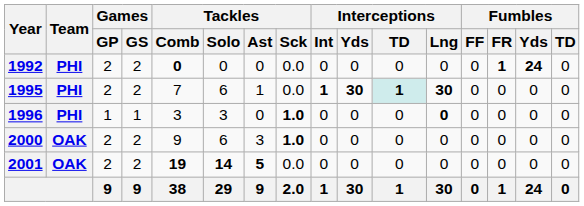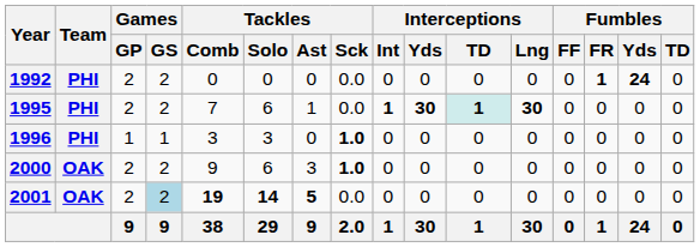 <table class="wikitable" style="text-align:center">
 <tr>
 <th rowspan="2">Year</th>
 <th rowspan="2">Team</th>
 <th colspan="2">Games</th>
 <th colspan="4">Tackles</th>
 <th colspan="4">Interceptions</th>
 <th colspan="4">Fumbles</th>
 </tr>
 <tr>
 <th>GP</th>
 <th>GS</th>
 <th>Comb</th>
 <th>Solo</th>
 <th>Ast</th>
 <th>Sck</th>
 <th>Int</th>
 <th>Yds</th>
 <th>TD</th>
 <th>Lng</th>
 <th>FF</th>
 <th>FR</th>
 <th>Yds</th>
 <th>TD</th>
 </tr>
 <tr>
 <th><a href='#'>1992</a></th>
 <th><a href='#'>PHI</a></th>
 <td>2</td>
 <td>2</td>
-<td><strong>0</strong></td>
+<td>0</td>
 <td>0</td>
 <td>0</td>
 <td>0.0</td>
 <td>0</td>
 <td>0</td>
 <td>0</td>
 <td>0</td>
 <td>0</td>
 <td><strong>1</strong></td>
 <td><strong>24</strong></td>
 <td>0</td>
 </tr>
 <tr>
 <th><a href='#'>1995</a></th>
 <th><a href='#'>PHI</a></th>
 <td>2</td>
 <td>2</td>
 <td>7</td>
 <td>6</td>
 <td>1</td>
 <td>0.0</td>
 <td><strong>1</strong></td>
 <td><strong>30</strong></td>
 <td style="background:#cfecec; width:3em;"><strong>1</strong></td>
 <td><strong>30</strong></td>
 <td>0</td>
 <td>0</td>
 <td>0</td>
 <td>0</td>
 </tr>
 <tr>
 <th><a href='#'>1996</a></th>
 <th><a href='#'>PHI</a></th>
 <td>1</td>
 <td>1</td>
 <td>3</td>
 <td>3</td>
 <td>0</td>
 <td><strong>1.0</strong></td>
 <td>0</td>
 <td>0</td>
 <td>0</td>
-<td><strong>0</strong></td>
+<td>0</td>
 <td>0</td>
 <td>0</td>
 <td>0</td>
 <td>0</td>
 </tr>
 <tr>
 <th><a href='#'>2000</a></th>
 <th><a href='#'>OAK</a></th>
 <td>2</td>
 <td>2</td>
 <td>9</td>
 <td>6</td>
 <td>3</td>
 <td><strong>1.0</strong></td>
 <td>0</td>
 <td>0</td>
 <td>0</td>
 <td>0</td>
 <td>0</td>
 <td>0</td>
 <td>0</td>
 <td>0</td>
 </tr>
 <tr>
 <th><a href='#'>2001</a></th>
 <th><a href='#'>OAK</a></th>
 <td>2</td>
-<td>2</td>
+<td style="background: lightblue;">2</td>
 <td><strong>19</strong></td>
 <td><strong>14</strong></td>
 <td><strong>5</strong></td>
 <td>0.0</td>
 <td>0</td>
 <td>0</td>
 <td>0</td>
 <td>0</td>
 <td>0</td>
 <td>0</td>
 <td>0</td>
 <td>0</td>
 </tr>
 <tr>
 <th colspan="2"></th>
 <th>9</th>
 <th>9</th>
 <th>38</th>
 <th>29</th>
 <th>9</th>
 <th>2.0</th>
 <th>1</th>
 <th>30</th>
 <th>1</th>
 <th>30</th>
 <th>0</th>
 <th>1</th>
 <th>24</th>
 <th>0</th>
 </tr>
 </table>
